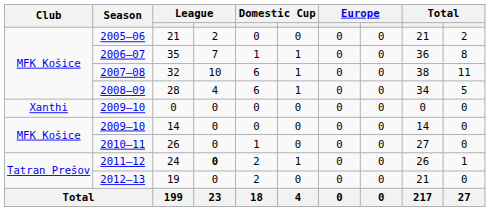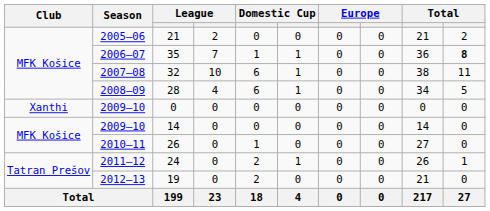 <table class="wikitable" align=center style="font-size:90%; text-align: center;">
 <tr>
 <th rowspan="2">Club</th>
 <th width=60 rowspan="2">Season</th>
 <th width=80 colspan="2">League</th>
 <th width=80 colspan="2">Domestic Cup</th>
 <th width=80 colspan="2"><a href='#'>Europe</a></th>
 <th width=80 colspan="2">Total</th>
 </tr>
 <tr align=center>
 <th width=40 App></th>
 <th width=40 abbr="Goals for"></th>
 <th width=40 App></th>
 <th width=40 abbr="Goals for"></th>
 <th width=40 App></th>
 <th width=40 abbr="Goals for"></th>
 <th width=40 App></th>
 <th width=40 abbr="Goals for"></th>
 </tr>
 <tr align=center>
 <td rowspan="4" valign=center><a href='#'>MFK Košice</a></td>
 <td><a href='#'>2005–06</a></td>
 <td>21</td>
 <td>2</td>
 <td>0</td>
 <td>0</td>
 <td>0</td>
 <td>0</td>
 <td>21</td>
 <td>2</td>
 </tr>
 <tr align=center>
 <td><a href='#'>2006–07</a></td>
 <td>35</td>
 <td>7</td>
 <td>1</td>
 <td>1</td>
 <td>0</td>
 <td>0</td>
 <td>36</td>
-<td>8</td>
+<td><strong>8</strong></td>
 </tr>
 <tr align=center>
 <td><a href='#'>2007–08</a></td>
 <td>32</td>
 <td>10</td>
 <td>6</td>
 <td>1</td>
 <td>0</td>
 <td>0</td>
 <td>38</td>
 <td>11</td>
 </tr>
 <tr align=center>
 <td><a href='#'>2008–09</a></td>
 <td>28</td>
 <td>4</td>
 <td>6</td>
 <td>1</td>
 <td>0</td>
 <td>0</td>
 <td>34</td>
 <td>5</td>
 </tr>
 <tr align=center>
 <td rowspan="1" valign=center><a href='#'>Xanthi</a></td>
 <td><a href='#'>2009–10</a></td>
 <td>0</td>
 <td>0</td>
 <td>0</td>
 <td>0</td>
 <td>0</td>
 <td>0</td>
 <td>0</td>
 <td>0</td>
 </tr>
 <tr align=center>
 <td rowspan="2" valign=center><a href='#'>MFK Košice</a></td>
 <td><a href='#'>2009–10</a></td>
 <td>14</td>
 <td>0</td>
 <td>0</td>
 <td>0</td>
 <td>0</td>
 <td>0</td>
 <td>14</td>
 <td>0</td>
 </tr>
 <tr align=center>
 <td><a href='#'>2010–11</a></td>
 <td>26</td>
 <td>0</td>
 <td>1</td>
 <td>0</td>
 <td>0</td>
 <td>0</td>
 <td>27</td>
 <td>0</td>
 </tr>
 <tr align=center>
 <td rowspan="2" valign=center><a href='#'>Tatran Prešov</a></td>
 <td><a href='#'>2011–12</a></td>
 <td>24</td>
-<td><strong>0</strong></td>
+<td>0</td>
 <td>2</td>
 <td>1</td>
 <td>0</td>
 <td>0</td>
 <td>26</td>
 <td>1</td>
 </tr>
 <tr align=center>
 <td><a href='#'>2012–13</a></td>
 <td>19</td>
 <td>0</td>
 <td>2</td>
 <td>0</td>
 <td>0</td>
 <td>0</td>
 <td>21</td>
 <td>0</td>
 </tr>
 <tr align=center>
 <th align=left colspan="2">Total</th>
 <th align=left>199</th>
 <th align=left>23</th>
 <th align=left>18</th>
 <th align=left>4</th>
 <th align=left>0</th>
 <th align=left>0</th>
 <th align=left>217</th>
 <th align=left>27</th>
 </tr>
 </table>
